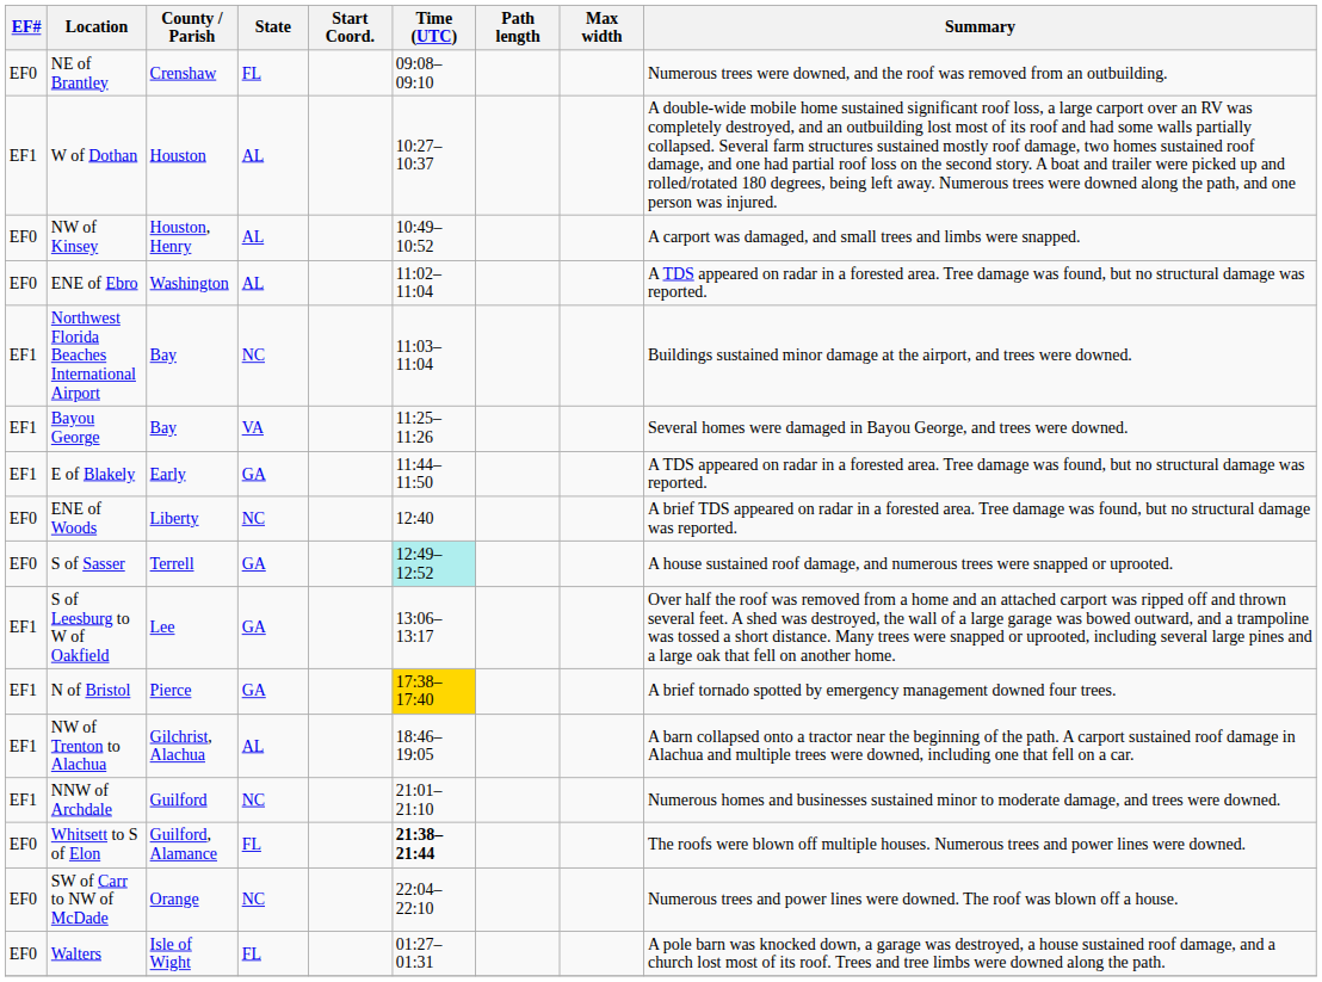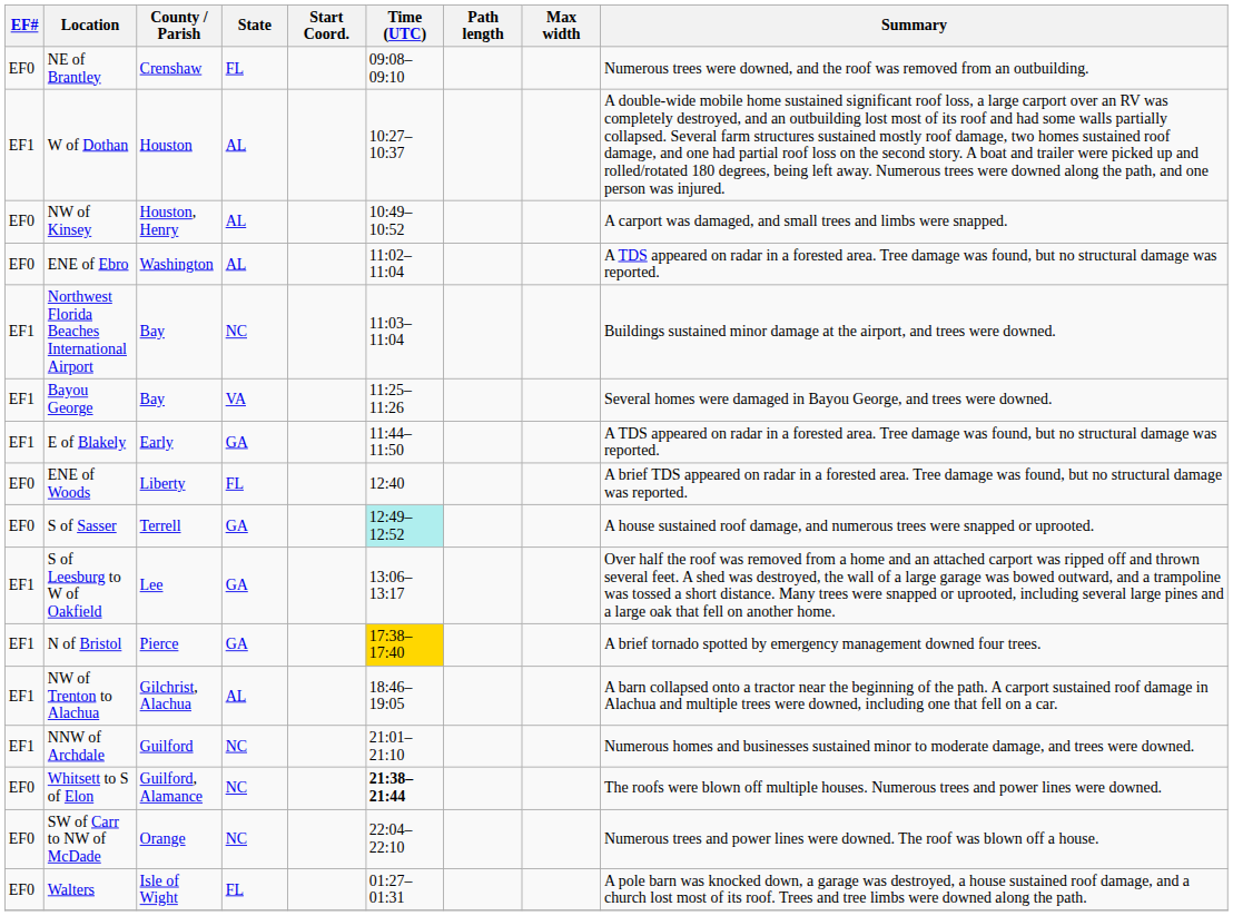 <table class="wikitable sortable" style="width:100%;">
 <tr>
 <th scope="col"  style="width:3%; text-align:center;"><a href='#'>EF#</a></th>
 <th scope="col"  style="width:7%; text-align:center;" class="unsortable">Location</th>
 <th scope="col"  style="width:6%; text-align:center;" class="unsortable">County / Parish</th>
 <th scope="col"  style="width:5%; text-align:center;">State</th>
 <th scope="col"  style="width:6%; text-align:center;">Start Coord.</th>
 <th scope="col"  style="width:6%; text-align:center;">Time (<a href='#'>UTC</a>)</th>
 <th scope="col"  style="width:6%; text-align:center;">Path length</th>
 <th scope="col"  style="width:6%; text-align:center;">Max width</th>
 <th scope="col" class="unsortable" style="width:48%; text-align:center;">Summary</th>
 </tr>
 <tr>
 <td>EF0</td>
 <td>NE of <a href='#'>Brantley</a></td>
 <td><a href='#'>Crenshaw</a></td>
 <td><a href='#'>FL</a></td>
 <td></td>
 <td>09:08–09:10</td>
 <td></td>
 <td></td>
 <td>Numerous trees were downed, and the roof was removed from an outbuilding.</td>
 </tr>
 <tr>
 <td>EF1</td>
 <td>W of <a href='#'>Dothan</a></td>
 <td><a href='#'>Houston</a></td>
 <td><a href='#'>AL</a></td>
 <td></td>
 <td>10:27–10:37</td>
 <td></td>
 <td></td>
 <td>A double-wide mobile home sustained significant roof loss, a large carport over an RV was completely destroyed, and an outbuilding lost most of its roof and had some walls partially collapsed. Several farm structures sustained mostly roof damage, two homes sustained roof damage, and one had partial roof loss on the second story. A boat and trailer were picked up and rolled/rotated 180 degrees, being left  away. Numerous trees were downed along the path, and one person was injured.</td>
 </tr>
 <tr>
 <td>EF0</td>
 <td>NW of <a href='#'>Kinsey</a></td>
 <td><a href='#'>Houston</a>, <a href='#'>Henry</a></td>
 <td><a href='#'>AL</a></td>
 <td></td>
 <td>10:49–10:52</td>
 <td></td>
 <td></td>
 <td>A carport was damaged, and small trees and limbs were snapped.</td>
 </tr>
 <tr>
 <td>EF0</td>
 <td>ENE of <a href='#'>Ebro</a></td>
 <td><a href='#'>Washington</a></td>
 <td><a href='#'>AL</a></td>
 <td></td>
 <td>11:02–11:04</td>
 <td></td>
 <td></td>
 <td>A <a href='#'>TDS</a> appeared on radar in a forested area. Tree damage was found, but no structural damage was reported.</td>
 </tr>
 <tr>
 <td>EF1</td>
 <td><a href='#'>Northwest Florida Beaches International Airport</a></td>
 <td><a href='#'>Bay</a></td>
 <td><a href='#'>NC</a></td>
 <td></td>
 <td>11:03–11:04</td>
 <td></td>
 <td></td>
 <td>Buildings sustained minor damage at the airport, and trees were downed.</td>
 </tr>
 <tr>
 <td>EF1</td>
 <td><a href='#'>Bayou George</a></td>
 <td><a href='#'>Bay</a></td>
 <td><a href='#'>VA</a></td>
 <td></td>
 <td>11:25–11:26</td>
 <td></td>
 <td></td>
 <td>Several homes were damaged in Bayou George, and trees were downed.</td>
 </tr>
 <tr>
 <td>EF1</td>
 <td>E of <a href='#'>Blakely</a></td>
 <td><a href='#'>Early</a></td>
 <td><a href='#'>GA</a></td>
 <td></td>
 <td>11:44–11:50</td>
 <td></td>
 <td></td>
 <td>A TDS appeared on radar in a forested area. Tree damage was found, but no structural damage was reported.</td>
 </tr>
 <tr>
 <td>EF0</td>
 <td>ENE of <a href='#'>Woods</a></td>
 <td><a href='#'>Liberty</a></td>
-<td><a href='#'>NC</a></td>
+<td><a href='#'>FL</a></td>
 <td></td>
 <td>12:40</td>
 <td></td>
 <td></td>
 <td>A brief TDS appeared on radar in a forested area. Tree damage was found, but no structural damage was reported.</td>
 </tr>
 <tr>
 <td>EF0</td>
 <td>S of <a href='#'>Sasser</a></td>
 <td><a href='#'>Terrell</a></td>
 <td><a href='#'>GA</a></td>
 <td></td>
 <td style="background: paleturquoise;">12:49–12:52</td>
 <td></td>
 <td></td>
 <td>A house sustained roof damage, and numerous trees were snapped or uprooted.</td>
 </tr>
 <tr>
 <td>EF1</td>
 <td>S of <a href='#'>Leesburg</a> to W of <a href='#'>Oakfield</a></td>
 <td><a href='#'>Lee</a></td>
 <td><a href='#'>GA</a></td>
 <td></td>
 <td>13:06–13:17</td>
 <td></td>
 <td></td>
 <td>Over half the roof was removed from a home and an attached carport was ripped off and thrown several feet. A shed was destroyed, the wall of a large garage was bowed outward, and a trampoline was tossed a short distance. Many trees were snapped or uprooted, including several large pines and a large oak that fell on another home.</td>
 </tr>
 <tr>
 <td>EF1</td>
 <td>N of <a href='#'>Bristol</a></td>
 <td><a href='#'>Pierce</a></td>
 <td><a href='#'>GA</a></td>
 <td></td>
 <td style="background: gold;">17:38–17:40</td>
 <td></td>
 <td></td>
 <td>A brief tornado spotted by emergency management downed four trees.</td>
 </tr>
 <tr>
 <td>EF1</td>
 <td>NW of <a href='#'>Trenton</a> to <a href='#'>Alachua</a></td>
 <td><a href='#'>Gilchrist</a>, <a href='#'>Alachua</a></td>
 <td><a href='#'>AL</a></td>
 <td></td>
 <td>18:46–19:05</td>
 <td></td>
 <td></td>
 <td>A barn collapsed onto a tractor near the beginning of the path. A carport sustained roof damage in Alachua and multiple trees were downed, including one that fell on a car.</td>
 </tr>
 <tr>
 <td>EF1</td>
 <td>NNW of <a href='#'>Archdale</a></td>
 <td><a href='#'>Guilford</a></td>
 <td><a href='#'>NC</a></td>
 <td></td>
 <td>21:01–21:10</td>
 <td></td>
 <td></td>
 <td>Numerous homes and businesses sustained minor to moderate damage, and trees were downed.</td>
 </tr>
 <tr>
 <td>EF0</td>
 <td><a href='#'>Whitsett</a> to S of <a href='#'>Elon</a></td>
 <td><a href='#'>Guilford</a>, <a href='#'>Alamance</a></td>
-<td><a href='#'>FL</a></td>
+<td><a href='#'>NC</a></td>
 <td></td>
 <td><strong>21:38–21:44</strong></td>
 <td></td>
 <td></td>
 <td>The roofs were blown off multiple houses. Numerous trees and power lines were downed.</td>
 </tr>
 <tr>
 <td>EF0</td>
 <td>SW of <a href='#'>Carr</a> to NW of <a href='#'>McDade</a></td>
 <td><a href='#'>Orange</a></td>
 <td><a href='#'>NC</a></td>
 <td></td>
 <td>22:04–22:10</td>
 <td></td>
 <td></td>
 <td>Numerous trees and power lines were downed. The roof was blown off a house.</td>
 </tr>
 <tr>
 <td>EF0</td>
 <td><a href='#'>Walters</a></td>
 <td><a href='#'>Isle of Wight</a></td>
 <td><a href='#'>FL</a></td>
 <td></td>
 <td>01:27–01:31</td>
 <td></td>
 <td></td>
 <td>A pole barn was knocked down, a garage was destroyed, a house sustained roof damage, and a church lost most of its roof. Trees and tree limbs were downed along the path.</td>
 </tr>
 <tr>
 </tr>
 </table>
